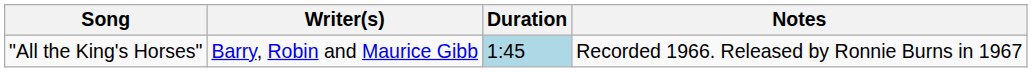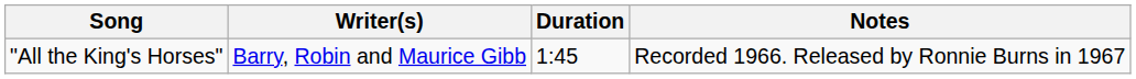 <table class="wikitable">
 <tr>
 <th>Song</th>
 <th>Writer(s)</th>
 <th>Duration</th>
 <th>Notes</th>
 </tr>
 <tr>
 <td>"All the King's Horses"</td>
 <td><a href='#'>Barry</a>, <a href='#'>Robin</a> and <a href='#'>Maurice Gibb</a></td>
-<td style="background: lightblue;">1:45</td>
+<td>1:45</td>
 <td>Recorded 1966. Released by Ronnie Burns in 1967</td>
 </tr>
 </table>
